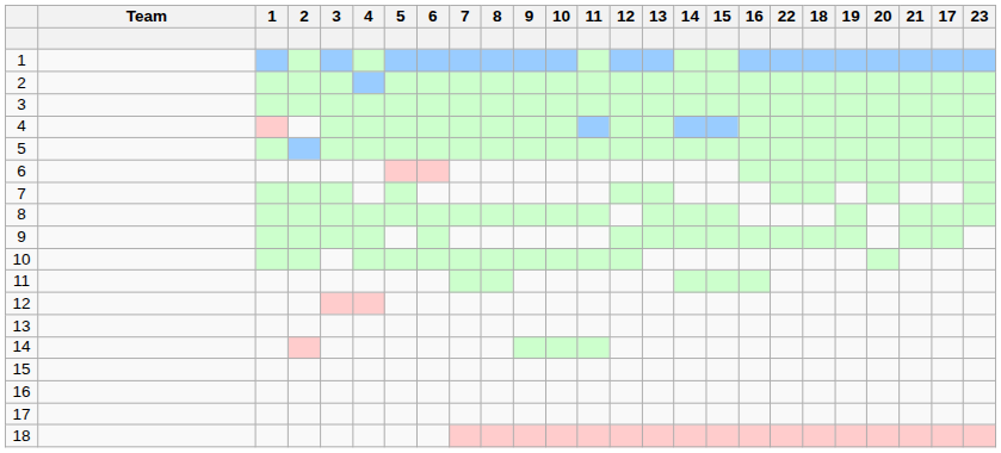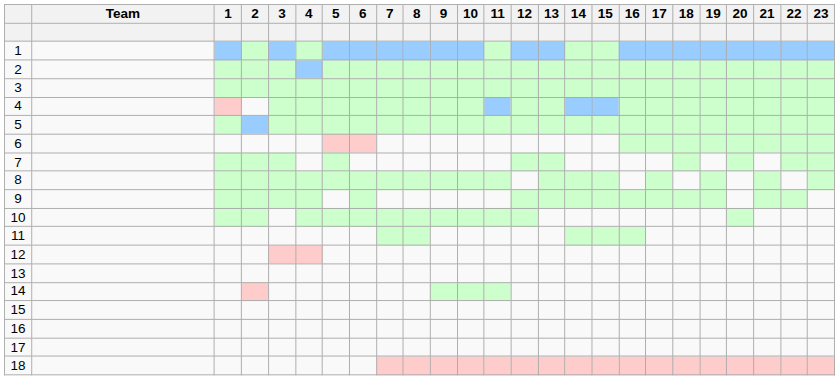 <table class="wikitable sortable" style="text-align:center; line-height: 90%; font-size:90%;" width=100%>
 <tr>
 <th width=20 abbr="Position"></th>
 <th width="175">Team</th>
 <th width=20 abbr="Round 1">1</th>
 <th width=20 abbr="Round 2">2</th>
 <th width=20 abbr="Round 3">3</th>
 <th width=20 abbr="Round 4">4</th>
 <th width=20 abbr="Round 5">5</th>
 <th width=20 abbr="Round 6">6</th>
 <th width=20 abbr="Round 7">7</th>
 <th width=20 abbr="Round 8">8</th>
 <th width=20 abbr="Round 9">9</th>
 <th width=20 abbr="Round 10">10</th>
 <th width=20 abbr="Round 11">11</th>
 <th width=20 abbr="Round 12">12</th>
 <th width=20 abbr="Round 13">13</th>
 <th width=20 abbr="Round 14">14</th>
 <th width=20 abbr="Round 15">15</th>
 <th width=20 abbr="Round 16">16</th>
-<th width=20 abbr="Round 22">22</th>
+<th width=20 abbr="Round 17">17</th>
 <th width=20 abbr="Round 18">18</th>
 <th width=20 abbr="Round 19">19</th>
 <th width=20 abbr="Round 20">20</th>
 <th width=20 abbr="Round 21">21</th>
-<th width=20 abbr="Round 17">17</th>
+<th width=20 abbr="Round 22">22</th>
 <th width=20 abbr="Round 23">23</th>
 </tr>
 <tr>
 <th></th>
 <th></th>
 <th></th>
 <th></th>
 <th></th>
 <th></th>
 <th></th>
 <th></th>
 <th></th>
 <th></th>
 <th></th>
 <th></th>
 <th></th>
 <th></th>
 <th></th>
 <th></th>
 <th></th>
 <th></th>
 <th></th>
 <th></th>
 <th></th>
 <th></th>
 <th></th>
 <th></th>
 <th> </th>
 </tr>
 <tr>
 <td>1</td>
 <td style="text-align:left"></td>
 <td style="background:#99ccff;"></td>
 <td style="background:#ccffcc;"></td>
 <td style="background:#99ccff;"></td>
 <td style="background:#ccffcc;"></td>
 <td style="background:#99ccff;"></td>
 <td style="background:#99ccff;"></td>
 <td style="background:#99ccff;"></td>
 <td style="background:#99ccff;"></td>
 <td style="background:#99ccff;"></td>
 <td style="background:#99ccff;"></td>
 <td style="background:#ccffcc;"></td>
 <td style="background:#99ccff;"></td>
 <td style="background:#99ccff;"></td>
 <td style="background:#ccffcc;"></td>
 <td style="background:#ccffcc;"></td>
 <td style="background:#99ccff;"></td>
 <td style="background:#99ccff;"></td>
 <td style="background:#99ccff;"></td>
 <td style="background:#99ccff;"></td>
 <td style="background:#99ccff;"></td>
 <td style="background:#99ccff;"></td>
 <td style="background:#99ccff;"></td>
 <td style="background:#99ccff;"></td>
 </tr>
 <tr>
 <td>2</td>
 <td style="text-align:left"></td>
 <td style="background:#ccffcc;"></td>
 <td style="background:#ccffcc;"></td>
 <td style="background:#ccffcc;"></td>
 <td style="background:#99ccff;"></td>
 <td style="background:#ccffcc;"></td>
 <td style="background:#ccffcc;"></td>
 <td style="background:#ccffcc;"></td>
 <td style="background:#ccffcc;"></td>
 <td style="background:#ccffcc;"></td>
 <td style="background:#ccffcc;"></td>
 <td style="background:#ccffcc;"></td>
 <td style="background:#ccffcc;"></td>
 <td style="background:#ccffcc;"></td>
 <td style="background:#ccffcc;"></td>
 <td style="background:#ccffcc;"></td>
 <td style="background:#ccffcc;"></td>
 <td style="background:#ccffcc;"></td>
 <td style="background:#ccffcc;"></td>
 <td style="background:#ccffcc;"></td>
 <td style="background:#ccffcc;"></td>
 <td style="background:#ccffcc;"></td>
 <td style="background:#ccffcc;"></td>
 <td style="background:#ccffcc;"></td>
 </tr>
 <tr>
 <td>3</td>
 <td style="text-align:left;"></td>
 <td style="background:#ccffcc;"></td>
 <td style="background:#ccffcc;"></td>
 <td style="background:#ccffcc;"></td>
 <td style="background:#ccffcc;"></td>
 <td style="background:#ccffcc;"></td>
 <td style="background:#ccffcc;"></td>
 <td style="background:#ccffcc;"></td>
 <td style="background:#ccffcc;"></td>
 <td style="background:#ccffcc;"></td>
 <td style="background:#ccffcc;"></td>
 <td style="background:#ccffcc;"></td>
 <td style="background:#ccffcc;"></td>
 <td style="background:#ccffcc;"></td>
 <td style="background:#ccffcc;"></td>
 <td style="background:#ccffcc;"></td>
 <td style="background:#ccffcc;"></td>
 <td style="background:#ccffcc;"></td>
 <td style="background:#ccffcc;"></td>
 <td style="background:#ccffcc;"></td>
 <td style="background:#ccffcc;"></td>
 <td style="background:#ccffcc;"></td>
 <td style="background:#ccffcc;"></td>
 <td style="background:#ccffcc;"></td>
 </tr>
 <tr>
 <td>4</td>
 <td style="text-align:left"></td>
 <td style="background:#ffcccc;"></td>
 <td></td>
 <td style="background:#ccffcc;"></td>
 <td style="background:#ccffcc;"></td>
 <td style="background:#ccffcc;"></td>
 <td style="background:#ccffcc;"></td>
 <td style="background:#ccffcc;"></td>
 <td style="background:#ccffcc;"></td>
 <td style="background:#ccffcc;"></td>
 <td style="background:#ccffcc;"></td>
 <td style="background:#99ccff;"></td>
 <td style="background:#ccffcc;"></td>
 <td style="background:#ccffcc;"></td>
 <td style="background:#99ccff;"></td>
 <td style="background:#99ccff;"></td>
 <td style="background:#ccffcc;"></td>
 <td style="background:#ccffcc;"></td>
 <td style="background:#ccffcc;"></td>
 <td style="background:#ccffcc;"></td>
 <td style="background:#ccffcc;"></td>
 <td style="background:#ccffcc;"></td>
 <td style="background:#ccffcc;"></td>
 <td style="background:#ccffcc;"></td>
 </tr>
 <tr>
 <td>5</td>
 <td style="text-align:left"></td>
 <td style="background:#ccffcc;"></td>
 <td style="background:#99ccff;"></td>
 <td style="background:#ccffcc;"></td>
 <td style="background:#ccffcc;"></td>
 <td style="background:#ccffcc;"></td>
 <td style="background:#ccffcc;"></td>
 <td style="background:#ccffcc;"></td>
 <td style="background:#ccffcc;"></td>
 <td style="background:#ccffcc;"></td>
 <td style="background:#ccffcc;"></td>
 <td style="background:#ccffcc;"></td>
 <td style="background:#ccffcc;"></td>
 <td style="background:#ccffcc;"></td>
 <td style="background:#ccffcc;"></td>
 <td style="background:#ccffcc;"></td>
 <td style="background:#ccffcc;"></td>
 <td style="background:#ccffcc;"></td>
 <td style="background:#ccffcc;"></td>
 <td style="background:#ccffcc;"></td>
 <td style="background:#ccffcc;"></td>
 <td style="background:#ccffcc;"></td>
 <td style="background:#ccffcc;"></td>
 <td style="background:#ccffcc;"></td>
 </tr>
 <tr>
 <td>6</td>
 <td style="text-align:left;"></td>
 <td></td>
 <td></td>
 <td></td>
 <td></td>
 <td style="background:#ffcccc;"></td>
 <td style="background:#ffcccc;"></td>
 <td></td>
 <td></td>
 <td></td>
 <td></td>
 <td></td>
 <td></td>
 <td></td>
 <td></td>
 <td></td>
 <td style="background:#ccffcc;"></td>
 <td style="background:#ccffcc;"></td>
 <td style="background:#ccffcc;"></td>
 <td style="background:#ccffcc;"></td>
 <td style="background:#ccffcc;"></td>
 <td style="background:#ccffcc;"></td>
 <td style="background:#ccffcc;"></td>
 <td style="background:#ccffcc;"></td>
 </tr>
 <tr>
 <td>7</td>
 <td style="text-align:left;"></td>
 <td style="background:#ccffcc;"></td>
 <td style="background:#ccffcc;"></td>
 <td style="background:#ccffcc;"></td>
 <td></td>
 <td style="background:#ccffcc;"></td>
 <td></td>
 <td></td>
 <td></td>
 <td></td>
 <td></td>
 <td></td>
 <td style="background:#ccffcc;"></td>
 <td style="background:#ccffcc;"></td>
 <td></td>
 <td></td>
 <td></td>
-<td style="background:#ccffcc;"></td>
+<td></td>
 <td style="background:#ccffcc;"></td>
 <td></td>
 <td style="background:#ccffcc;"></td>
 <td></td>
-<td></td>
+<td style="background:#ccffcc;"></td>
 <td style="background:#ccffcc;"></td>
 </tr>
 <tr>
 <td>8</td>
 <td style="text-align:left"></td>
 <td style="background:#ccffcc;"></td>
 <td style="background:#ccffcc;"></td>
 <td style="background:#ccffcc;"></td>
 <td style="background:#ccffcc;"></td>
 <td style="background:#ccffcc;"></td>
 <td style="background:#ccffcc;"></td>
 <td style="background:#ccffcc;"></td>
 <td style="background:#ccffcc;"></td>
 <td style="background:#ccffcc;"></td>
 <td style="background:#ccffcc;"></td>
 <td style="background:#ccffcc;"></td>
 <td></td>
 <td style="background:#ccffcc;"></td>
 <td style="background:#ccffcc;"></td>
 <td style="background:#ccffcc;"></td>
 <td></td>
-<td></td>
+<td style="background:#ccffcc;"></td>
 <td></td>
 <td style="background:#ccffcc;"></td>
 <td></td>
 <td style="background:#ccffcc;"></td>
-<td style="background:#ccffcc;"></td>
+<td></td>
 <td style="background:#ccffcc;"></td>
 </tr>
 <tr>
 <td>9</td>
 <td style="text-align:left;"></td>
 <td style="background:#ccffcc;"></td>
 <td style="background:#ccffcc;"></td>
 <td style="background:#ccffcc;"></td>
 <td style="background:#ccffcc;"></td>
 <td></td>
 <td style="background:#ccffcc;"></td>
 <td></td>
 <td></td>
 <td></td>
 <td></td>
 <td></td>
 <td style="background:#ccffcc;"></td>
 <td style="background:#ccffcc;"></td>
 <td style="background:#ccffcc;"></td>
 <td style="background:#ccffcc;"></td>
 <td style="background:#ccffcc;"></td>
 <td style="background:#ccffcc;"></td>
 <td style="background:#ccffcc;"></td>
 <td style="background:#ccffcc;"></td>
 <td></td>
 <td style="background:#ccffcc;"></td>
 <td style="background:#ccffcc;"></td>
 <td></td>
 </tr>
 <tr>
 <td>10</td>
 <td style="text-align:left;"></td>
 <td style="background:#ccffcc;"></td>
 <td style="background:#ccffcc;"></td>
 <td></td>
 <td style="background:#ccffcc;"></td>
 <td style="background:#ccffcc;"></td>
 <td style="background:#ccffcc;"></td>
 <td style="background:#ccffcc;"></td>
 <td style="background:#ccffcc;"></td>
 <td style="background:#ccffcc;"></td>
 <td style="background:#ccffcc;"></td>
 <td style="background:#ccffcc;"></td>
 <td style="background:#ccffcc;"></td>
 <td></td>
 <td></td>
 <td></td>
 <td></td>
 <td></td>
 <td></td>
 <td></td>
 <td style="background:#ccffcc;"></td>
 <td></td>
 <td></td>
 <td></td>
 </tr>
 <tr>
 <td>11</td>
 <td style="text-align:left;"></td>
 <td></td>
 <td></td>
 <td></td>
 <td></td>
 <td></td>
 <td></td>
 <td style="background:#ccffcc;"></td>
 <td style="background:#ccffcc;"></td>
 <td></td>
 <td></td>
 <td></td>
 <td></td>
 <td></td>
 <td style="background:#ccffcc;"></td>
 <td style="background:#ccffcc;"></td>
 <td style="background:#ccffcc;"></td>
 <td></td>
 <td></td>
 <td></td>
 <td></td>
 <td></td>
 <td></td>
 <td></td>
 </tr>
 <tr>
 <td>12</td>
 <td style="text-align:left"></td>
 <td></td>
 <td></td>
 <td style="background:#ffcccc;"></td>
 <td style="background:#ffcccc;"></td>
 <td></td>
 <td></td>
 <td></td>
 <td></td>
 <td></td>
 <td></td>
 <td></td>
 <td></td>
 <td></td>
 <td></td>
 <td></td>
 <td></td>
 <td></td>
 <td></td>
 <td></td>
 <td></td>
 <td></td>
 <td></td>
 <td></td>
 </tr>
 <tr>
 <td>13</td>
 <td style="text-align:left;"></td>
 <td></td>
 <td></td>
 <td></td>
 <td></td>
 <td></td>
 <td></td>
 <td></td>
 <td></td>
 <td></td>
 <td></td>
 <td></td>
 <td></td>
 <td></td>
 <td></td>
 <td></td>
 <td></td>
 <td></td>
 <td></td>
 <td></td>
 <td></td>
 <td></td>
 <td></td>
 <td></td>
 </tr>
 <tr>
 <td>14</td>
 <td style="text-align:left;"></td>
 <td></td>
 <td style="background:#ffcccc;"></td>
 <td></td>
 <td></td>
 <td></td>
 <td></td>
 <td></td>
 <td></td>
 <td style="background:#ccffcc;"></td>
 <td style="background:#ccffcc;"></td>
 <td style="background:#ccffcc;"></td>
 <td></td>
 <td></td>
 <td></td>
 <td></td>
 <td></td>
 <td></td>
 <td></td>
 <td></td>
 <td></td>
 <td></td>
 <td></td>
 <td></td>
 </tr>
 <tr>
 <td>15</td>
 <td style="text-align:left"></td>
 <td></td>
 <td></td>
 <td></td>
 <td></td>
 <td></td>
 <td></td>
 <td></td>
 <td></td>
 <td></td>
 <td></td>
 <td></td>
 <td></td>
 <td></td>
 <td></td>
 <td></td>
 <td></td>
 <td></td>
 <td></td>
 <td></td>
 <td></td>
 <td></td>
 <td></td>
 <td></td>
 </tr>
 <tr>
 <td>16</td>
 <td style="text-align:left;"></td>
 <td></td>
 <td></td>
 <td></td>
 <td></td>
 <td></td>
 <td></td>
 <td></td>
 <td></td>
 <td></td>
 <td></td>
 <td></td>
 <td></td>
 <td></td>
 <td></td>
 <td></td>
 <td></td>
 <td></td>
 <td></td>
 <td></td>
 <td></td>
 <td></td>
 <td></td>
 <td></td>
 </tr>
 <tr>
 <td>17</td>
 <td style="text-align:left"></td>
 <td></td>
 <td></td>
 <td></td>
 <td></td>
 <td></td>
 <td></td>
 <td></td>
 <td></td>
 <td></td>
 <td></td>
 <td></td>
 <td></td>
 <td></td>
 <td></td>
 <td></td>
 <td></td>
 <td></td>
 <td></td>
 <td></td>
 <td></td>
 <td></td>
 <td></td>
 <td></td>
 </tr>
 <tr>
 <td>18</td>
 <td style="text-align:left"></td>
 <td></td>
 <td></td>
 <td></td>
 <td></td>
 <td></td>
 <td></td>
 <td style="background:#ffcccc;"></td>
 <td style="background:#ffcccc;"></td>
 <td style="background:#ffcccc;"></td>
 <td style="background:#ffcccc;"></td>
 <td style="background:#ffcccc;"></td>
 <td style="background:#ffcccc;"></td>
 <td style="background:#ffcccc;"></td>
 <td style="background:#ffcccc;"></td>
 <td style="background:#ffcccc;"></td>
 <td style="background:#ffcccc;"></td>
 <td style="background:#ffcccc;"></td>
 <td style="background:#ffcccc;"></td>
 <td style="background:#ffcccc;"></td>
 <td style="background:#ffcccc;"></td>
 <td style="background:#ffcccc;"></td>
 <td style="background:#ffcccc;"></td>
 <td style="background:#ffcccc;"></td>
 </tr>
 </table>
